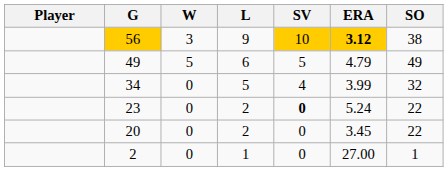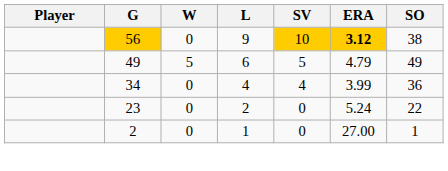 <table class="wikitable sortable">
 <tr>
 <th bgcolor="#DDDDFF" width="16%">Player</th>
 <th bgcolor="#DDDDFF" width="9%">G</th>
 <th bgcolor="#DDDDFF" width="9%">W</th>
 <th bgcolor="#DDDDFF" width="9%">L</th>
 <th bgcolor="#DDDDFF" width="9%">SV</th>
 <th bgcolor="#DDDDFF" width="9%">ERA</th>
 <th bgcolor="#DDDDFF" width="9%">SO</th>
 </tr>
 <tr align="center">
 <td></td>
 <td style="background:#fc0;">56</td>
-<td>3</td>
+<td>0</td>
 <td>9</td>
 <td style="background:#fc0;">10</td>
 <td style="background:#fc0;"><strong>3.12</strong></td>
 <td>38</td>
 </tr>
 <tr align="center">
 <td></td>
 <td>49</td>
 <td>5</td>
 <td>6</td>
 <td>5</td>
 <td>4.79</td>
 <td>49</td>
 </tr>
 <tr align="center">
 <td></td>
 <td>34</td>
 <td>0</td>
-<td>5</td>
+<td>4</td>
 <td>4</td>
 <td>3.99</td>
-<td>32</td>
+<td>36</td>
 </tr>
 <tr align="center">
 <td></td>
 <td>23</td>
 <td>0</td>
 <td>2</td>
-<td><strong>0</strong></td>
+<td>0</td>
 <td>5.24</td>
-<td>22</td>
-</tr>
-<tr align="center">
-<td></td>
-<td>20</td>
-<td>0</td>
-<td>2</td>
-<td>0</td>
-<td>3.45</td>
 <td>22</td>
 </tr>
 <tr align="center">
 <td></td>
 <td>2</td>
 <td>0</td>
 <td>1</td>
 <td>0</td>
 <td>27.00</td>
 <td>1</td>
 </tr>
 </table>
